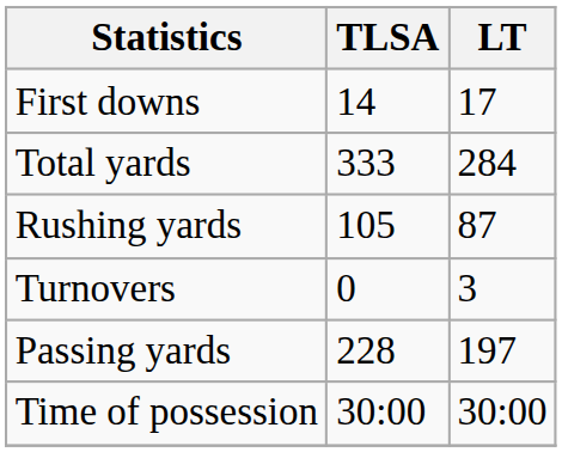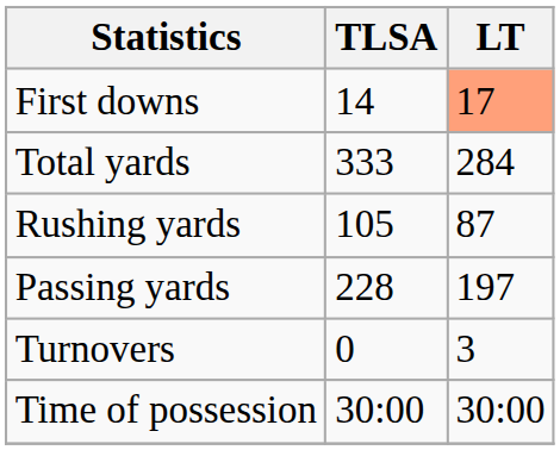 <table class="wikitable" style="float: left;">
 <tr>
 <th>Statistics</th>
 <th>TLSA</th>
 <th>LT</th>
 </tr>
 <tr>
 <td>First downs</td>
 <td>14</td>
-<td>17</td>
+<td style="background: lightsalmon;">17</td>
 </tr>
 <tr>
 <td>Total yards</td>
 <td>333</td>
 <td>284</td>
 </tr>
 <tr>
 <td>Rushing yards</td>
 <td>105</td>
 <td>87</td>
 </tr>
 <tr>
+<td>Passing yards</td>
+<td>228</td>
+<td>197</td>
+</tr>
+<tr>
 <td>Turnovers</td>
 <td>0</td>
 <td>3</td>
-</tr>
-<tr>
-<td>Passing yards</td>
-<td>228</td>
-<td>197</td>
 </tr>
 <tr>
 <td>Time of possession</td>
 <td>30:00</td>
 <td>30:00</td>
 </tr>
 <tr>
 </tr>
 </table>
